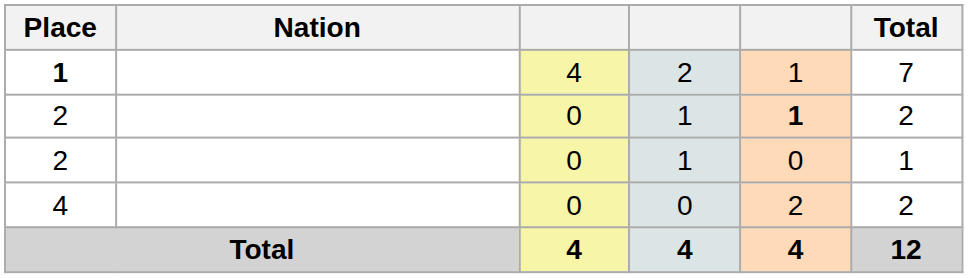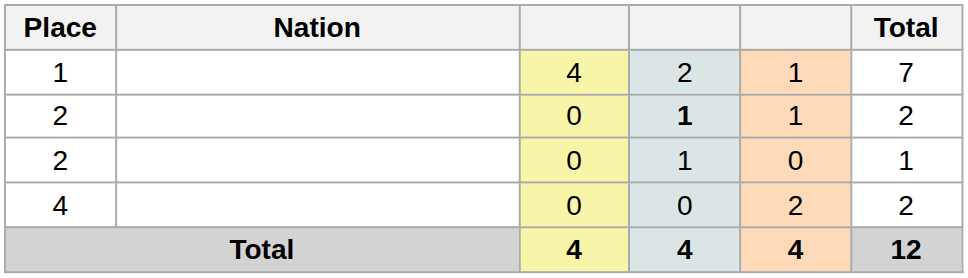 <table class=wikitable style="border:1px solid #AAAAAA;font-size:90%">
 <tr bgcolor="#EFEFEF">
 <th width=50>Place</th>
 <th width=200>Nation</th>
 <th width=50></th>
 <th width=50></th>
 <th width=50></th>
 <th width=50>Total</th>
 </tr>
 <tr align="center" valign="top" bgcolor="#FFFFFF">
-<td><strong>1</strong></td>
+<td>1</td>
 <td align="left"></td>
 <td style="background:#F7F6A8;">4</td>
 <td style="background:#DCE5E5;">2</td>
 <td style="background:#FFDAB9;">1</td>
 <td>7</td>
 </tr>
 <tr align="center" valign="top" bgcolor="#FFFFFF">
 <td>2</td>
 <td align="left"></td>
 <td style="background:#F7F6A8;">0</td>
-<td style="background:#DCE5E5;">1</td>
-<td style="background:#FFDAB9;"><strong>1</strong></td>
+<td style="background:#DCE5E5;"><strong>1</strong></td>
+<td style="background:#FFDAB9;">1</td>
 <td>2</td>
 </tr>
 <tr align="center" valign="top" bgcolor="#FFFFFF">
 <td>2</td>
 <td align="left"></td>
 <td style="background:#F7F6A8;">0</td>
 <td style="background:#DCE5E5;">1</td>
 <td style="background:#FFDAB9;">0</td>
 <td>1</td>
 </tr>
 <tr align="center" valign="top" bgcolor="#FFFFFF">
 <td>4</td>
 <td align="left"></td>
 <td style="background:#F7F6A8;">0</td>
 <td style="background:#DCE5E5;">0</td>
 <td style="background:#FFDAB9;">2</td>
 <td>2</td>
 </tr>
 <tr align="center">
 <td colspan="2" bgcolor=D3D3D3><strong>Total</strong></td>
 <td style="background:#F7F6A8;"><strong>4</strong></td>
 <td style="background:#DCE5E5;"><strong>4</strong></td>
 <td style="background:#FFDAB9;"><strong>4</strong></td>
 <td bgcolor=D3D3D3><strong>12</strong></td>
 </tr>
 </table>
